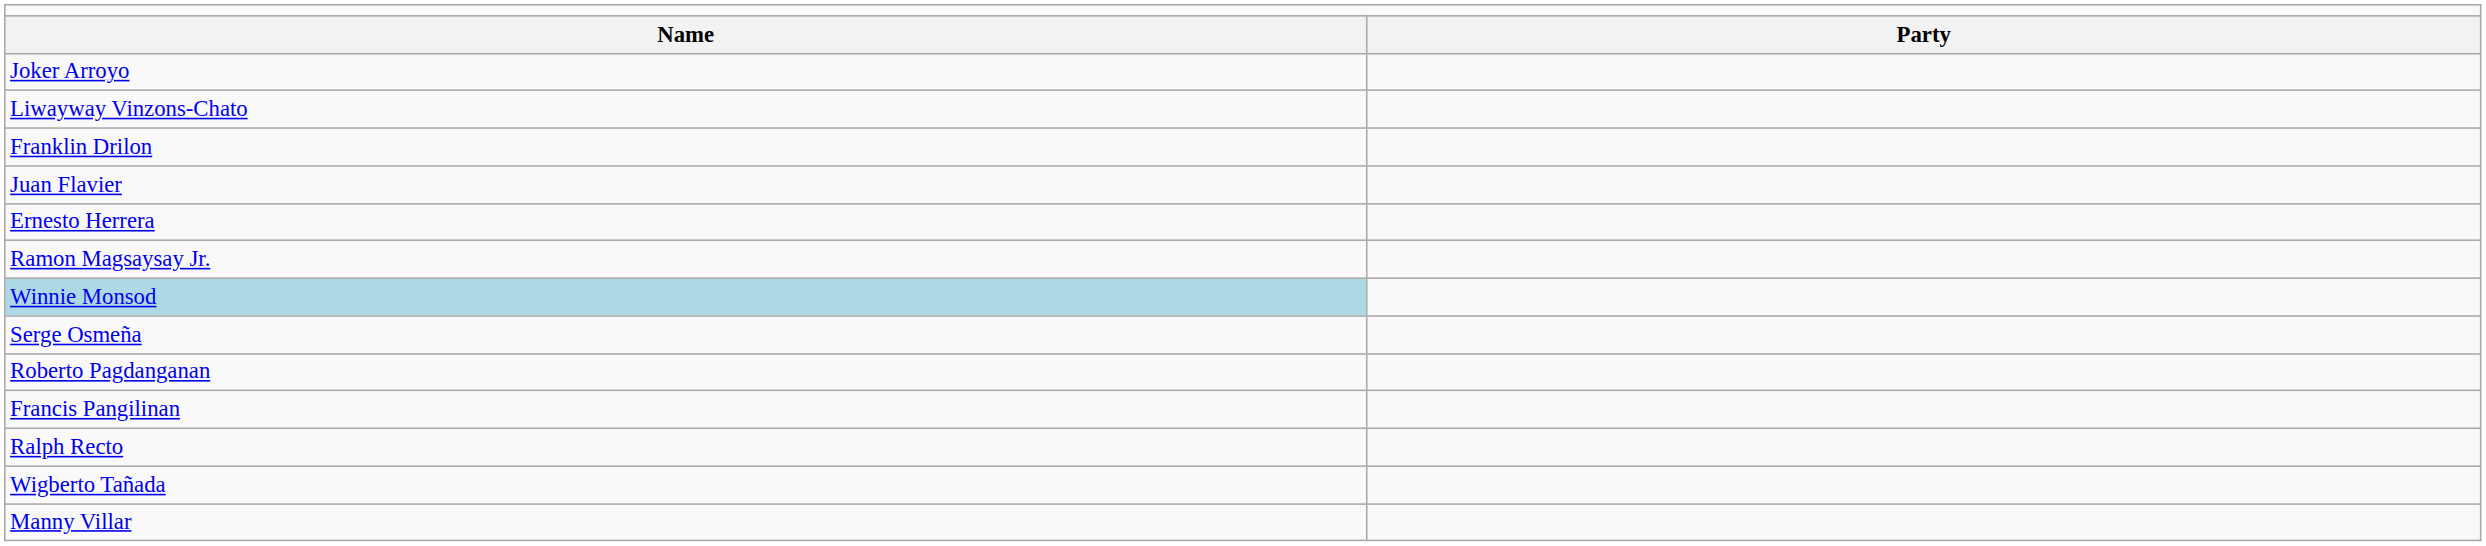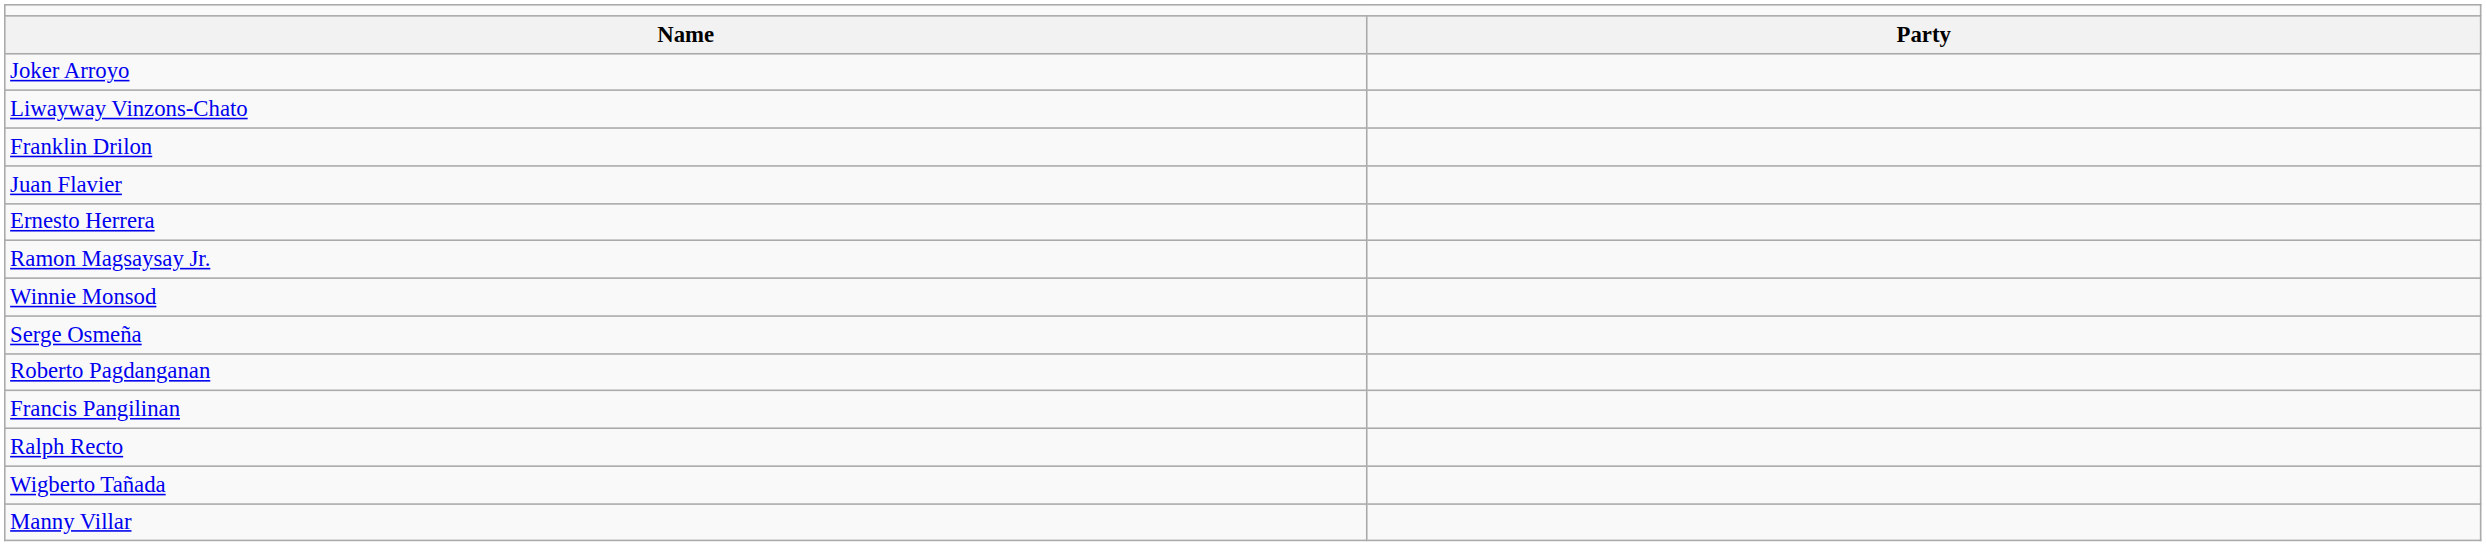 <table class=wikitable style="font-size:90%" width=99%>
 <tr>
 <td colspan=4 bgcolor=></td>
 </tr>
 <tr>
 <th width=55%>Name</th>
 <th colspan=2>Party</th>
 </tr>
 <tr>
 <td><a href='#'>Joker Arroyo</a></td>
 <td></td>
 </tr>
 <tr>
 <td><a href='#'>Liwayway Vinzons-Chato</a></td>
 <td></td>
 </tr>
 <tr>
 <td><a href='#'>Franklin Drilon</a></td>
 <td></td>
 </tr>
 <tr>
 <td><a href='#'>Juan Flavier</a></td>
 <td></td>
 </tr>
 <tr>
 <td><a href='#'>Ernesto Herrera</a></td>
 <td></td>
 </tr>
 <tr>
 <td><a href='#'>Ramon Magsaysay Jr.</a></td>
 <td></td>
 </tr>
 <tr>
-<td style="background: lightblue;"><a href='#'>Winnie Monsod</a></td>
+<td><a href='#'>Winnie Monsod</a></td>
 <td></td>
 </tr>
 <tr>
 <td><a href='#'>Serge Osmeña</a></td>
 <td></td>
 </tr>
 <tr>
 <td><a href='#'>Roberto Pagdanganan</a></td>
 <td></td>
 </tr>
 <tr>
 <td><a href='#'>Francis Pangilinan</a></td>
 <td></td>
 </tr>
 <tr>
 <td><a href='#'>Ralph Recto</a></td>
 <td></td>
 </tr>
 <tr>
 <td><a href='#'>Wigberto Tañada</a></td>
 <td></td>
 </tr>
 <tr>
 <td><a href='#'>Manny Villar</a></td>
 <td></td>
 </tr>
 </table>
